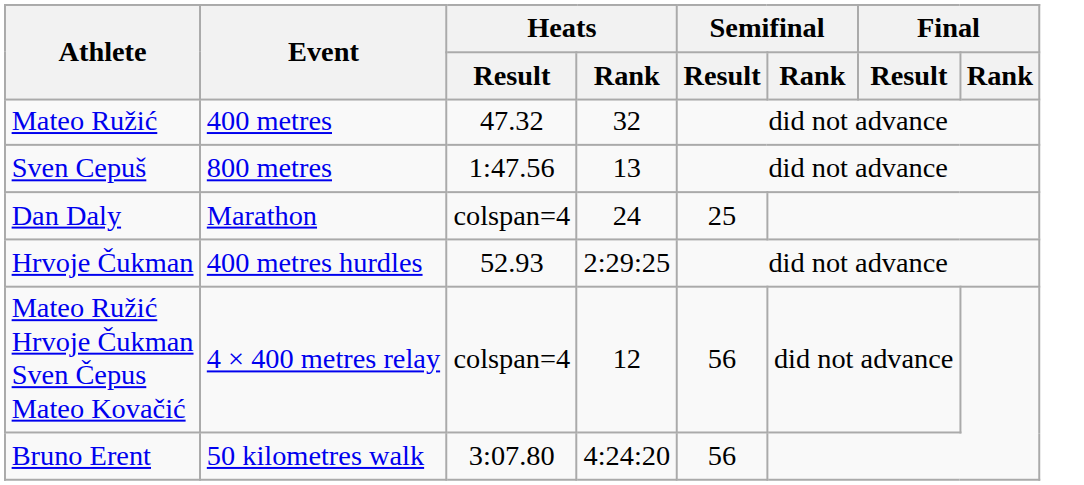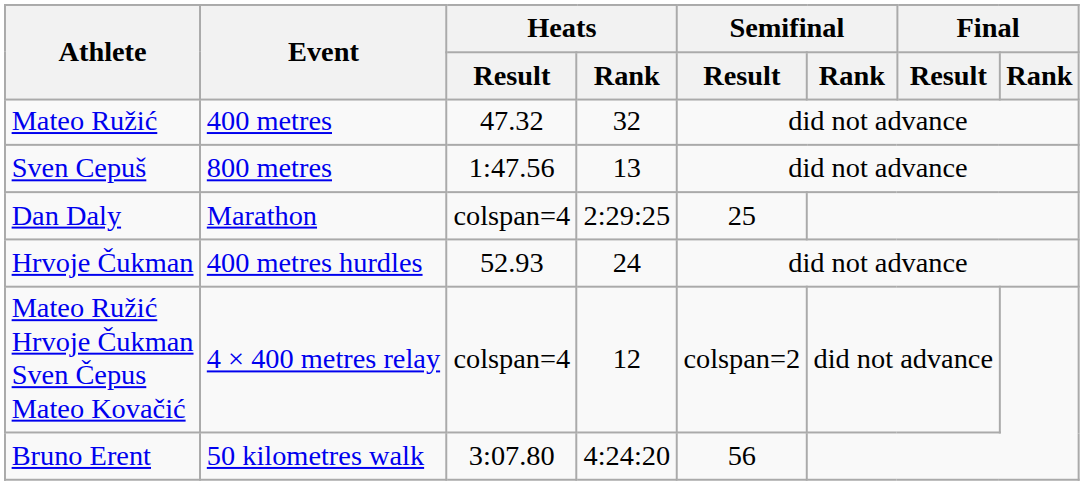 <table class="wikitable" border="1" style="font-size:90%">
 <tr>
 <th rowspan="2">Athlete</th>
 <th rowspan="2">Event</th>
 <th colspan="2">Heats</th>
 <th colspan="2">Semifinal</th>
 <th colspan="2">Final</th>
 </tr>
 <tr>
 <th>Result</th>
 <th>Rank</th>
 <th>Result</th>
 <th>Rank</th>
 <th>Result</th>
 <th>Rank</th>
 </tr>
 <tr align=center>
 <td align=left><a href='#'>Mateo Ružić</a></td>
 <td align=left><a href='#'>400 metres</a></td>
 <td>47.32</td>
 <td>32</td>
 <td align=center colspan=4>did not advance</td>
 </tr>
 <tr align=center>
 <td align=left><a href='#'>Sven Cepuš</a></td>
 <td align=left><a href='#'>800 metres</a></td>
 <td>1:47.56</td>
 <td>13</td>
 <td align=center colspan=4>did not advance</td>
 </tr>
 <tr align=center>
 <td align=left><a href='#'>Dan Daly</a></td>
 <td align=left><a href='#'>Marathon</a></td>
 <td>colspan=4</td>
-<td>24</td>
+<td>2:29:25</td>
 <td>25</td>
 </tr>
 <tr align=center>
 <td align=left><a href='#'>Hrvoje Čukman</a></td>
 <td align=left><a href='#'>400 metres hurdles</a></td>
 <td>52.93</td>
-<td>2:29:25</td>
+<td>24</td>
 <td align=center colspan=4>did not advance</td>
 </tr>
 <tr align=center>
 <td align=left><a href='#'>Mateo Ružić</a><br><a href='#'>Hrvoje Čukman</a><br><a href='#'>Sven Čepus</a><br><a href='#'>Mateo Kovačić</a></td>
 <td align=left><a href='#'>4 × 400 metres relay</a></td>
 <td>colspan=4</td>
 <td>12</td>
-<td>56</td>
+<td>colspan=2</td>
 <td align=center colspan=2>did not advance</td>
 </tr>
 <tr align=center>
 <td align=left><a href='#'>Bruno Erent</a></td>
 <td align=left><a href='#'>50 kilometres walk</a></td>
 <td>3:07.80 </td>
 <td>4:24:20</td>
 <td>56</td>
 </tr>
 </table>
